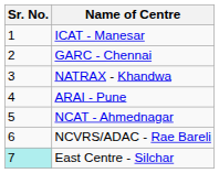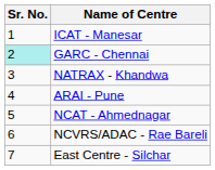 <table class="wikitable" border="1">
 <tr>
 <th>Sr. No.</th>
 <th>Name of Centre</th>
 </tr>
 <tr>
 <td>1</td>
 <td><a href='#'>ICAT - Manesar</a></td>
 </tr>
 <tr>
-<td>2</td>
+<td style="background: paleturquoise;">2</td>
 <td><a href='#'>GARC - Chennai</a></td>
 </tr>
 <tr>
 <td>3</td>
 <td><a href='#'>NATRAX</a> - <a href='#'>Khandwa</a></td>
 </tr>
 <tr>
 <td>4</td>
 <td><a href='#'>ARAI - Pune</a></td>
 </tr>
 <tr>
 <td>5</td>
 <td><a href='#'>NCAT - Ahmednagar</a></td>
 </tr>
 <tr>
 <td>6</td>
 <td>NCVRS/ADAC - <a href='#'>Rae Bareli</a></td>
 </tr>
 <tr>
-<td style="background: paleturquoise;">7</td>
+<td>7</td>
 <td>East Centre - <a href='#'>Silchar</a></td>
 </tr>
 </table>
